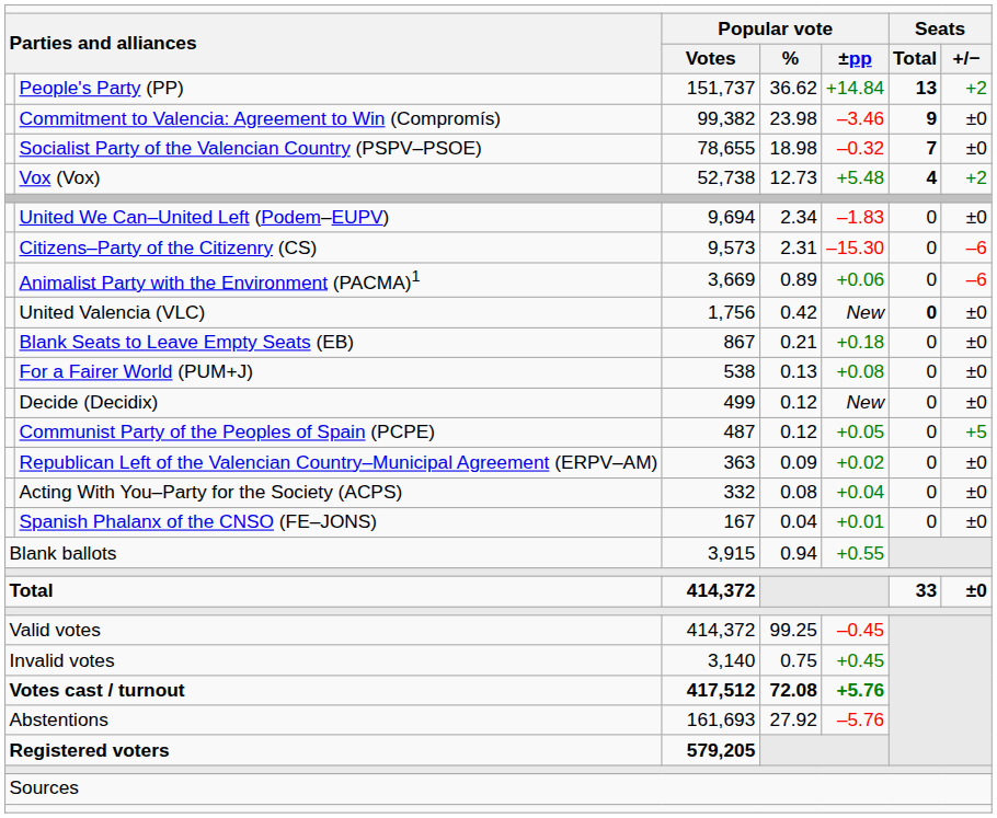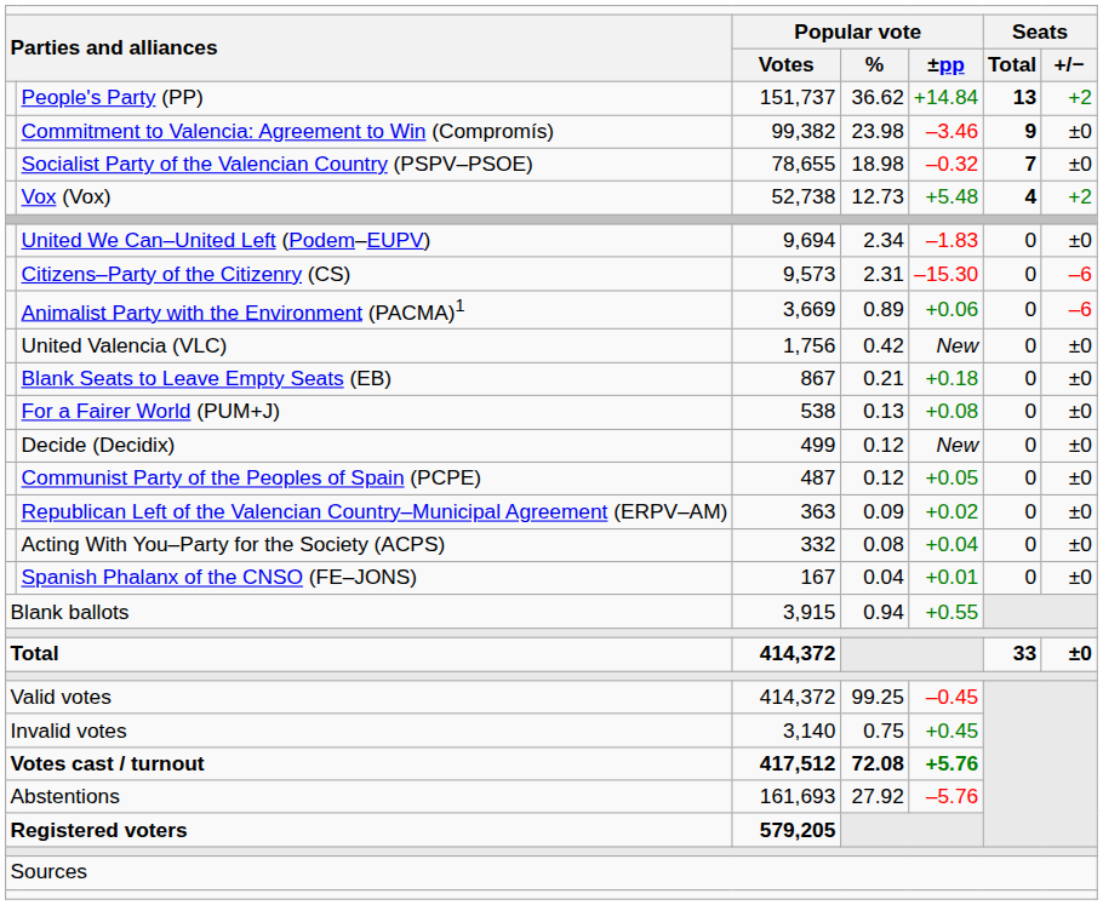 <table class="wikitable" style="text-align:right;">
 <tr>
 <td colspan="7"></td>
 </tr>
 <tr>
 <th style="text-align:left;" rowspan="2" colspan="2" width="525">Parties and alliances</th>
 <th colspan="3">Popular vote</th>
 <th colspan="2">Seats</th>
 </tr>
 <tr>
 <th width="75">Votes</th>
 <th width="45">%</th>
 <th width="45">±<a href='#'>pp</a></th>
 <th width="35">Total</th>
 <th width="35">+/−</th>
 </tr>
 <tr>
 <td width="1" style="color:inherit;background:"></td>
 <td align="left"><a href='#'>People's Party</a> (PP)</td>
 <td>151,737</td>
 <td>36.62</td>
 <td style="color:green;">+14.84</td>
 <td><strong>13</strong></td>
 <td style="color:green;">+2</td>
 </tr>
 <tr>
 <td style="color:inherit;background:"></td>
 <td align="left"><a href='#'>Commitment to Valencia: Agreement to Win</a> (Compromís)</td>
 <td>99,382</td>
 <td>23.98</td>
 <td style="color:red;">–3.46</td>
 <td><strong>9</strong></td>
 <td>±0</td>
 </tr>
 <tr>
 <td style="color:inherit;background:"></td>
 <td align="left"><a href='#'>Socialist Party of the Valencian Country</a> (PSPV–PSOE)</td>
 <td>78,655</td>
 <td>18.98</td>
 <td style="color:red;">–0.32</td>
 <td><strong>7</strong></td>
 <td>±0</td>
 </tr>
 <tr>
 <td style="color:inherit;background:"></td>
 <td align="left"><a href='#'>Vox</a> (Vox)</td>
 <td>52,738</td>
 <td>12.73</td>
 <td style="color:green;">+5.48</td>
 <td><strong>4</strong></td>
 <td style="color:green;">+2</td>
 </tr>
 <tr>
 <td colspan="7" bgcolor="#C0C0C0"></td>
 </tr>
 <tr>
 <td style="color:inherit;background:"></td>
 <td align="left"><a href='#'>United We Can–United Left</a> (<a href='#'>Podem</a>–<a href='#'>EUPV</a>)</td>
 <td>9,694</td>
 <td>2.34</td>
 <td style="color:red;">–1.83</td>
 <td>0</td>
 <td>±0</td>
 </tr>
 <tr>
 <td style="color:inherit;background:"></td>
 <td align="left"><a href='#'>Citizens–Party of the Citizenry</a> (CS)</td>
 <td>9,573</td>
 <td>2.31</td>
 <td style="color:red;">–15.30</td>
 <td>0</td>
 <td style="color:red;">–6</td>
 </tr>
 <tr>
 <td style="color:inherit;background:"></td>
 <td align="left"><a href='#'>Animalist Party with the Environment</a> (PACMA)<sup>1</sup></td>
 <td>3,669</td>
 <td>0.89</td>
 <td style="color:green;">+0.06</td>
 <td>0</td>
 <td style="color:red;">–6</td>
 </tr>
 <tr>
 <td style="color:inherit;background:"></td>
 <td align="left">United Valencia (VLC)</td>
 <td>1,756</td>
 <td>0.42</td>
 <td><em>New</em></td>
-<td><strong>0</strong></td>
+<td>0</td>
 <td>±0</td>
 </tr>
 <tr>
 <td style="color:inherit;background:"></td>
 <td align="left"><a href='#'>Blank Seats to Leave Empty Seats</a> (EB)</td>
 <td>867</td>
 <td>0.21</td>
 <td style="color:green;">+0.18</td>
 <td>0</td>
 <td>±0</td>
 </tr>
 <tr>
 <td style="color:inherit;background:"></td>
 <td align="left"><a href='#'>For a Fairer World</a> (PUM+J)</td>
 <td>538</td>
 <td>0.13</td>
 <td style="color:green;">+0.08</td>
 <td>0</td>
 <td>±0</td>
 </tr>
 <tr>
 <td style="color:inherit;background:"></td>
 <td align="left">Decide (Decidix)</td>
 <td>499</td>
 <td>0.12</td>
 <td><em>New</em></td>
 <td>0</td>
 <td>±0</td>
 </tr>
 <tr>
 <td style="color:inherit;background:"></td>
 <td align="left"><a href='#'>Communist Party of the Peoples of Spain</a> (PCPE)</td>
 <td>487</td>
 <td>0.12</td>
 <td style="color:green;">+0.05</td>
 <td>0</td>
-<td style="color:green;">+5</td>
+<td>±0</td>
 </tr>
 <tr>
 <td style="color:inherit;background:"></td>
 <td align="left"><a href='#'>Republican Left of the Valencian Country–Municipal Agreement</a> (ERPV–AM)</td>
 <td>363</td>
 <td>0.09</td>
 <td style="color:green;">+0.02</td>
 <td>0</td>
 <td>±0</td>
 </tr>
 <tr>
 <td style="color:inherit;background:"></td>
 <td align="left">Acting With You–Party for the Society (ACPS)</td>
 <td>332</td>
 <td>0.08</td>
 <td style="color:green;">+0.04</td>
 <td>0</td>
 <td>±0</td>
 </tr>
 <tr>
 <td style="color:inherit;background:"></td>
 <td align="left"><a href='#'>Spanish Phalanx of the CNSO</a> (FE–JONS)</td>
 <td>167</td>
 <td>0.04</td>
 <td style="color:green;">+0.01</td>
 <td>0</td>
 <td>±0</td>
 </tr>
 <tr>
 <td align="left" colspan="2">Blank ballots</td>
 <td>3,915</td>
 <td>0.94</td>
 <td style="color:green;">+0.55</td>
 <td bgcolor="#E9E9E9" colspan="2"></td>
 </tr>
 <tr>
 <td colspan="7" bgcolor="#E9E9E9"></td>
 </tr>
 <tr style="font-weight:bold;">
 <td align="left" colspan="2">Total</td>
 <td>414,372</td>
 <td bgcolor="#E9E9E9" colspan="2"></td>
 <td>33</td>
 <td>±0</td>
 </tr>
 <tr>
 <td colspan="7" bgcolor="#E9E9E9"></td>
 </tr>
 <tr>
 <td align="left" colspan="2">Valid votes</td>
 <td>414,372</td>
 <td>99.25</td>
 <td style="color:red;">–0.45</td>
 <td bgcolor="#E9E9E9" colspan="2" rowspan="5"></td>
 </tr>
 <tr>
 <td align="left" colspan="2">Invalid votes</td>
 <td>3,140</td>
 <td>0.75</td>
 <td style="color:green;">+0.45</td>
 </tr>
 <tr style="font-weight:bold;">
 <td align="left" colspan="2">Votes cast / turnout</td>
 <td>417,512</td>
 <td>72.08</td>
 <td style="color:green;">+5.76</td>
 </tr>
 <tr>
 <td align="left" colspan="2">Abstentions</td>
 <td>161,693</td>
 <td>27.92</td>
 <td style="color:red;">–5.76</td>
 </tr>
 <tr style="font-weight:bold;">
 <td align="left" colspan="2">Registered voters</td>
 <td>579,205</td>
 <td bgcolor="#E9E9E9" colspan="2"></td>
 </tr>
 <tr>
 <td colspan="7" bgcolor="#E9E9E9"></td>
 </tr>
 <tr>
 <td align="left" colspan="7">Sources</td>
 </tr>
 <tr>
 <td colspan="7" style="text-align:left; max-width:790px;"></td>
 </tr>
 </table>
